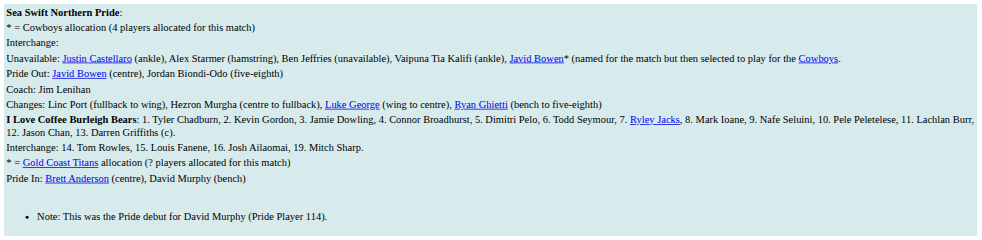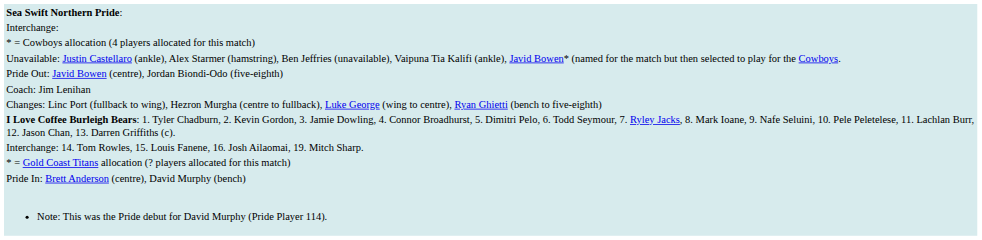 <table style="background:#d7ebed; font-size:85%; width:100%;">
 <tr>
 <td><strong>Sea Swift Northern Pride</strong>:             </td>
 </tr>
 <tr>
-<td>* = Cowboys allocation (4 players allocated for this match)</td>
+<td>Interchange:    </td>
 </tr>
 <tr>
-<td>Interchange:    </td>
+<td>* = Cowboys allocation (4 players allocated for this match)</td>
 </tr>
 <tr>
 <td>Unavailable: <a href='#'>Justin Castellaro</a> (ankle), Alex Starmer (hamstring), Ben Jeffries (unavailable), Vaipuna Tia Kalifi (ankle), <a href='#'>Javid Bowen</a>* (named for the match but then selected to play for the <a href='#'>Cowboys</a>.</td>
 </tr>
 <tr>
 <td>Pride Out: <a href='#'>Javid Bowen</a> (centre), Jordan Biondi-Odo (five-eighth)</td>
 </tr>
 <tr>
 <td>Coach: Jim Lenihan</td>
 </tr>
 <tr>
 <td>Changes: Linc Port (fullback to wing), Hezron Murgha (centre to fullback), <a href='#'>Luke George</a> (wing to centre), <a href='#'>Ryan Ghietti</a> (bench to five-eighth)</td>
 </tr>
 <tr>
 <td><strong>I Love Coffee Burleigh Bears</strong>:  1. Tyler Chadburn, 2. Kevin Gordon, 3. Jamie Dowling, 4. Connor Broadhurst, 5. Dimitri Pelo, 6. Todd Seymour, 7. <a href='#'>Ryley Jacks</a>, 8. Mark Ioane, 9. Nafe Seluini, 10. Pele Peletelese, 11. Lachlan Burr, 12. Jason Chan, 13. Darren Griffiths (c).</td>
 </tr>
 <tr>
 <td>Interchange: 14. Tom Rowles, 15. Louis Fanene, 16. Josh Ailaomai, 19. Mitch Sharp.</td>
 </tr>
 <tr>
 <td>* = <a href='#'>Gold Coast Titans</a> allocation (? players allocated for this match)</td>
 </tr>
 <tr>
 <td>Pride In: <a href='#'>Brett Anderson</a> (centre), David Murphy (bench)</td>
 </tr>
 <tr>
 <td><br><ul><li>Note: This was the Pride debut for David Murphy (Pride Player 114).</li></ul></td>
 </tr>
 </table>
